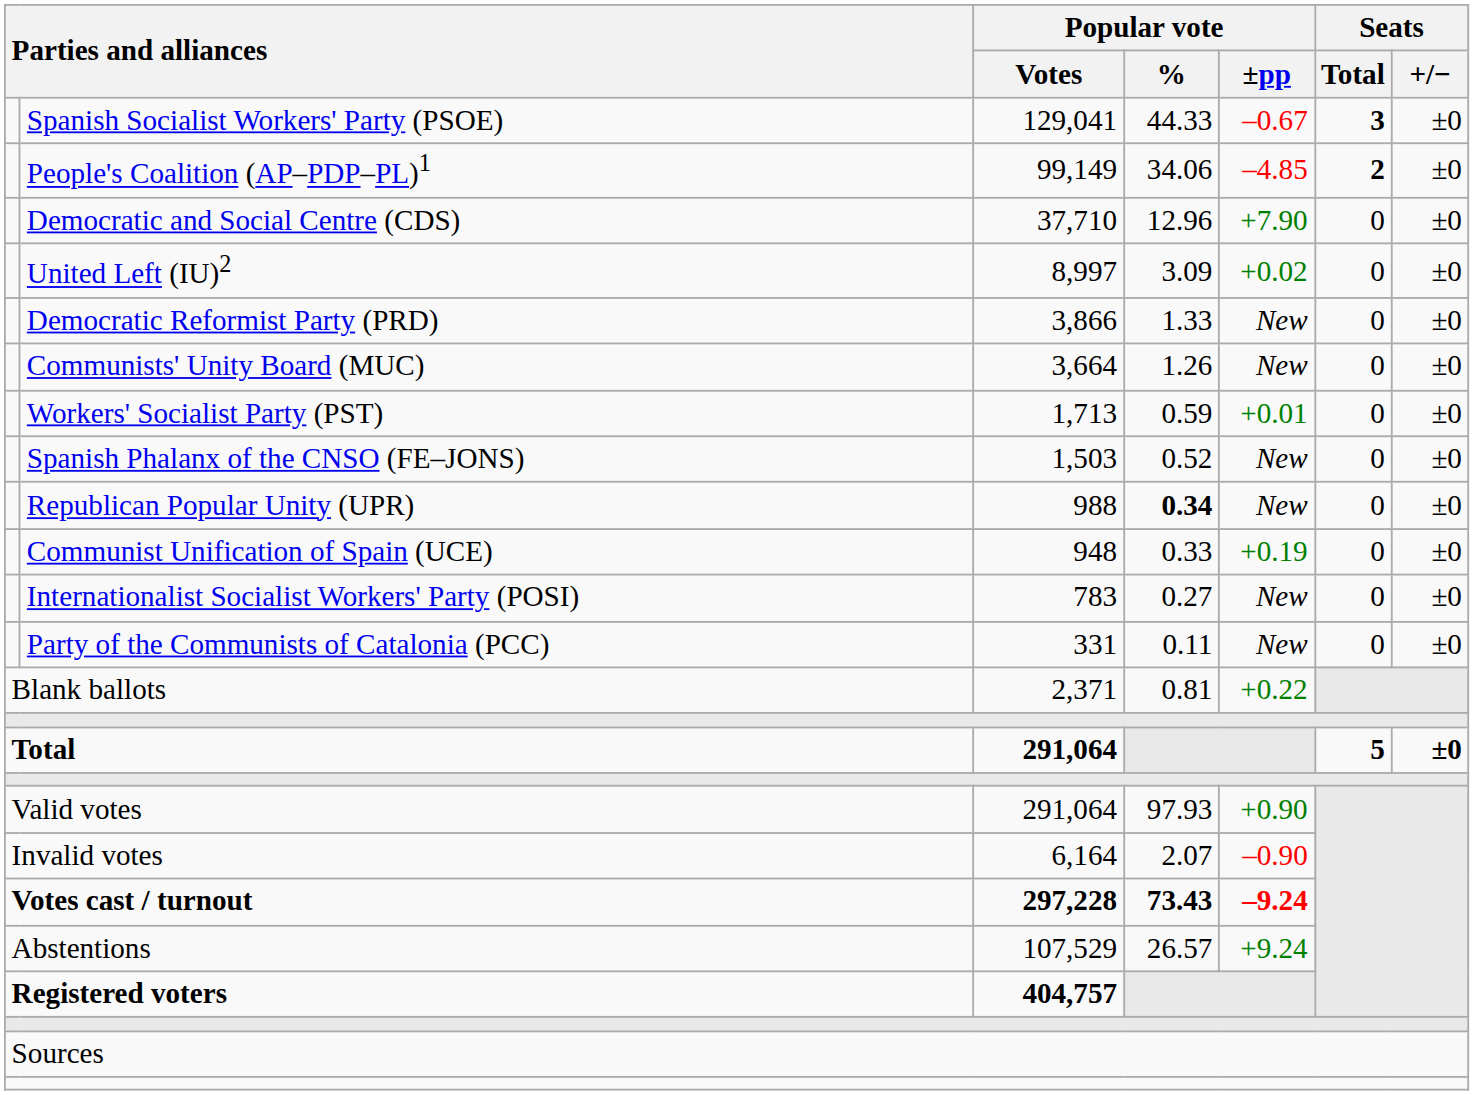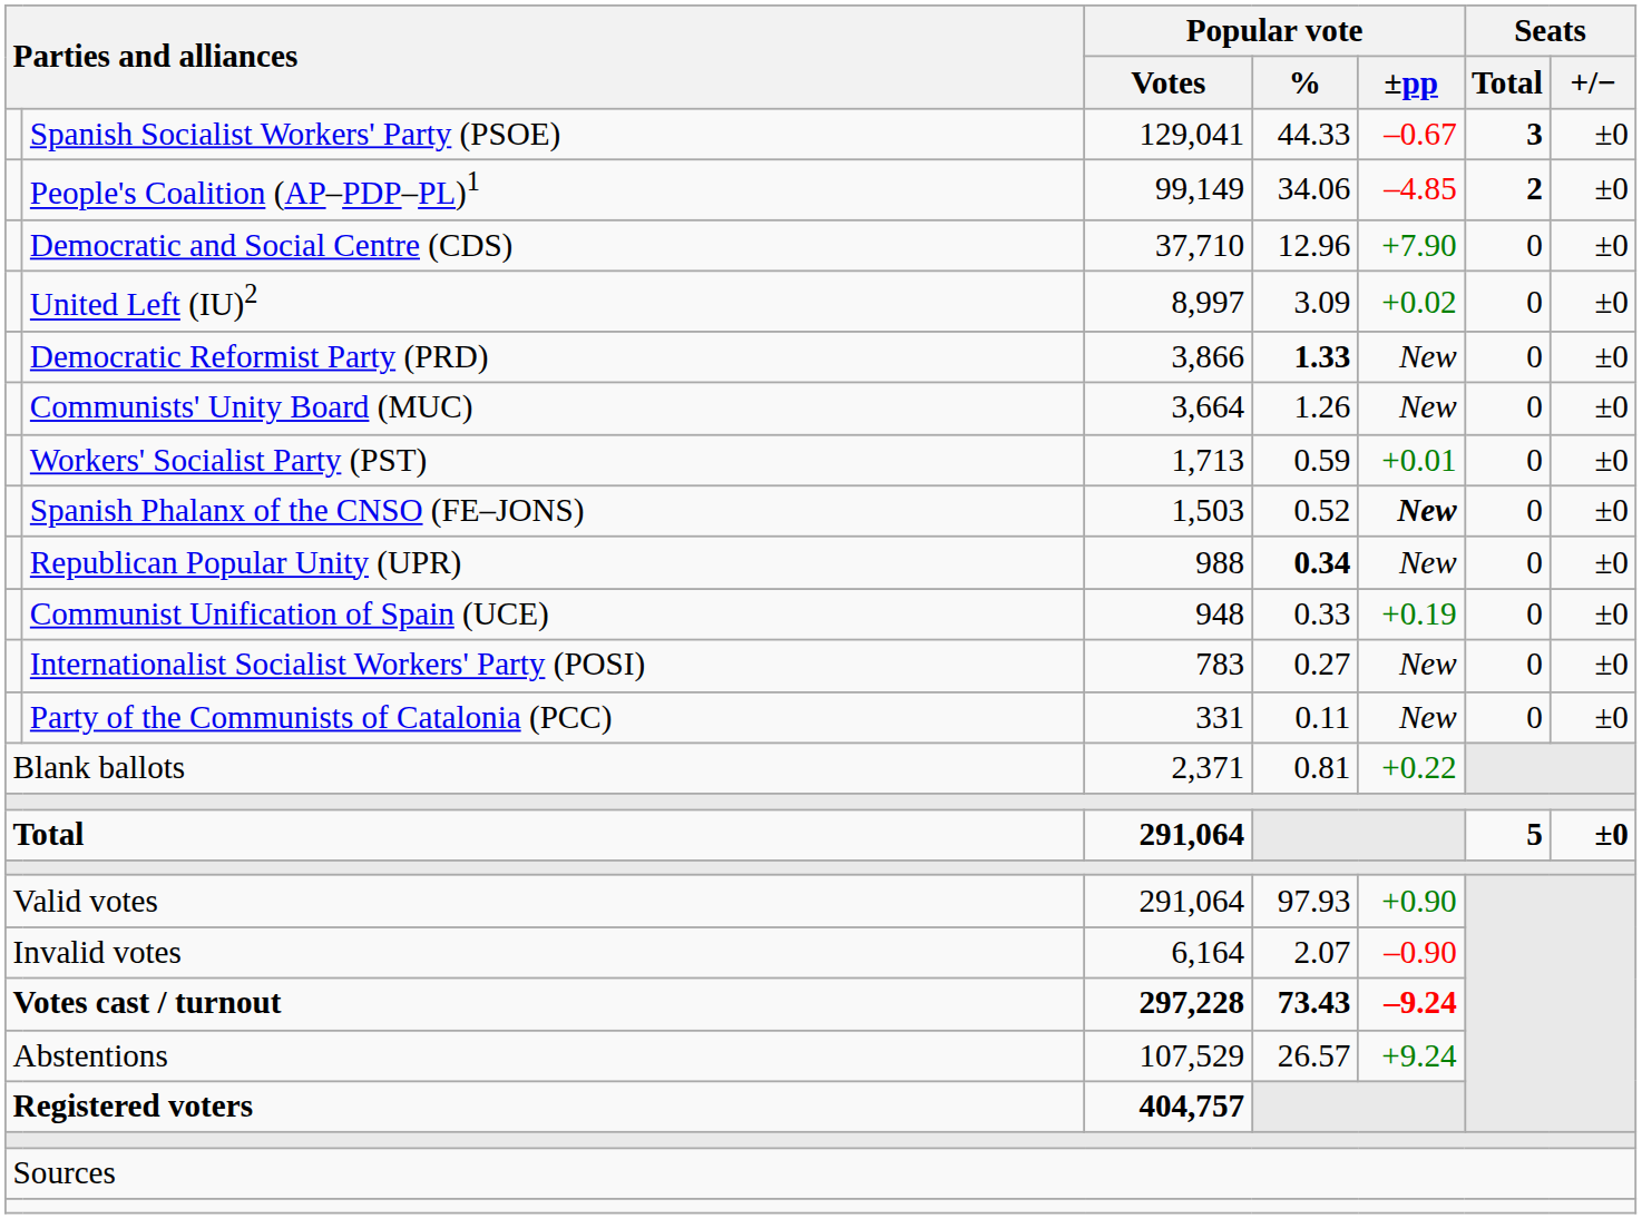 <table class="wikitable" style="text-align:right;">
 <tr>
 <th style="text-align:left;" rowspan="2" colspan="2" width="525">Parties and alliances</th>
 <th colspan="3">Popular vote</th>
 <th colspan="2">Seats</th>
 </tr>
 <tr>
 <th width="75">Votes</th>
 <th width="45">%</th>
 <th width="45">±<a href='#'>pp</a></th>
 <th width="35">Total</th>
 <th width="35">+/−</th>
 </tr>
 <tr>
 <td width="1" style="color:inherit;background:"></td>
 <td align="left"><a href='#'>Spanish Socialist Workers' Party</a> (PSOE)</td>
 <td>129,041</td>
 <td>44.33</td>
 <td style="color:red;">–0.67</td>
 <td><strong>3</strong></td>
 <td>±0</td>
 </tr>
 <tr>
 <td style="color:inherit;background:"></td>
 <td align="left"><a href='#'>People's Coalition</a> (<a href='#'>AP</a>–<a href='#'>PDP</a>–<a href='#'>PL</a>)<sup>1</sup></td>
 <td>99,149</td>
 <td>34.06</td>
 <td style="color:red;">–4.85</td>
 <td><strong>2</strong></td>
 <td>±0</td>
 </tr>
 <tr>
 <td style="color:inherit;background:"></td>
 <td align="left"><a href='#'>Democratic and Social Centre</a> (CDS)</td>
 <td>37,710</td>
 <td>12.96</td>
 <td style="color:green;">+7.90</td>
 <td>0</td>
 <td>±0</td>
 </tr>
 <tr>
 <td style="color:inherit;background:"></td>
 <td align="left"><a href='#'>United Left</a> (IU)<sup>2</sup></td>
 <td>8,997</td>
 <td>3.09</td>
 <td style="color:green;">+0.02</td>
 <td>0</td>
 <td>±0</td>
 </tr>
 <tr>
 <td style="color:inherit;background:"></td>
 <td align="left"><a href='#'>Democratic Reformist Party</a> (PRD)</td>
 <td>3,866</td>
-<td>1.33</td>
+<td><strong>1.33</strong></td>
 <td><em>New</em></td>
 <td>0</td>
 <td>±0</td>
 </tr>
 <tr>
 <td style="color:inherit;background:"></td>
 <td align="left"><a href='#'>Communists' Unity Board</a> (MUC)</td>
 <td>3,664</td>
 <td>1.26</td>
 <td><em>New</em></td>
 <td>0</td>
 <td>±0</td>
 </tr>
 <tr>
 <td style="color:inherit;background:"></td>
 <td align="left"><a href='#'>Workers' Socialist Party</a> (PST)</td>
 <td>1,713</td>
 <td>0.59</td>
 <td style="color:green;">+0.01</td>
 <td>0</td>
 <td>±0</td>
 </tr>
 <tr>
 <td style="color:inherit;background:"></td>
 <td align="left"><a href='#'>Spanish Phalanx of the CNSO</a> (FE–JONS)</td>
 <td>1,503</td>
 <td>0.52</td>
-<td><em>New</em></td>
+<td><strong><em>New</em></strong></td>
 <td>0</td>
 <td>±0</td>
 </tr>
 <tr>
 <td style="color:inherit;background:"></td>
 <td align="left"><a href='#'>Republican Popular Unity</a> (UPR)</td>
 <td>988</td>
 <td><strong>0.34</strong></td>
 <td><em>New</em></td>
 <td>0</td>
 <td>±0</td>
 </tr>
 <tr>
 <td style="color:inherit;background:"></td>
 <td align="left"><a href='#'>Communist Unification of Spain</a> (UCE)</td>
 <td>948</td>
 <td>0.33</td>
 <td style="color:green;">+0.19</td>
 <td>0</td>
 <td>±0</td>
 </tr>
 <tr>
 <td style="color:inherit;background:"></td>
 <td align="left"><a href='#'>Internationalist Socialist Workers' Party</a> (POSI)</td>
 <td>783</td>
 <td>0.27</td>
 <td><em>New</em></td>
 <td>0</td>
 <td>±0</td>
 </tr>
 <tr>
 <td style="color:inherit;background:"></td>
 <td align="left"><a href='#'>Party of the Communists of Catalonia</a> (PCC)</td>
 <td>331</td>
 <td>0.11</td>
 <td><em>New</em></td>
 <td>0</td>
 <td>±0</td>
 </tr>
 <tr>
 <td align="left" colspan="2">Blank ballots</td>
 <td>2,371</td>
 <td>0.81</td>
 <td style="color:green;">+0.22</td>
 <td bgcolor="#E9E9E9" colspan="2"></td>
 </tr>
 <tr>
 <td colspan="7" bgcolor="#E9E9E9"></td>
 </tr>
 <tr style="font-weight:bold;">
 <td align="left" colspan="2">Total</td>
 <td>291,064</td>
 <td bgcolor="#E9E9E9" colspan="2"></td>
 <td>5</td>
 <td>±0</td>
 </tr>
 <tr>
 <td colspan="7" bgcolor="#E9E9E9"></td>
 </tr>
 <tr>
 <td align="left" colspan="2">Valid votes</td>
 <td>291,064</td>
 <td>97.93</td>
 <td style="color:green;">+0.90</td>
 <td bgcolor="#E9E9E9" colspan="2" rowspan="5"></td>
 </tr>
 <tr>
 <td align="left" colspan="2">Invalid votes</td>
 <td>6,164</td>
 <td>2.07</td>
 <td style="color:red;">–0.90</td>
 </tr>
 <tr style="font-weight:bold;">
 <td align="left" colspan="2">Votes cast / turnout</td>
 <td>297,228</td>
 <td>73.43</td>
 <td style="color:red;">–9.24</td>
 </tr>
 <tr>
 <td align="left" colspan="2">Abstentions</td>
 <td>107,529</td>
 <td>26.57</td>
 <td style="color:green;">+9.24</td>
 </tr>
 <tr style="font-weight:bold;">
 <td align="left" colspan="2">Registered voters</td>
 <td>404,757</td>
 <td bgcolor="#E9E9E9" colspan="2"></td>
 </tr>
 <tr>
 <td colspan="7" bgcolor="#E9E9E9"></td>
 </tr>
 <tr>
 <td align="left" colspan="7">Sources</td>
 </tr>
 <tr>
 <td colspan="7" style="text-align:left; max-width:790px;"></td>
 </tr>
 </table>
